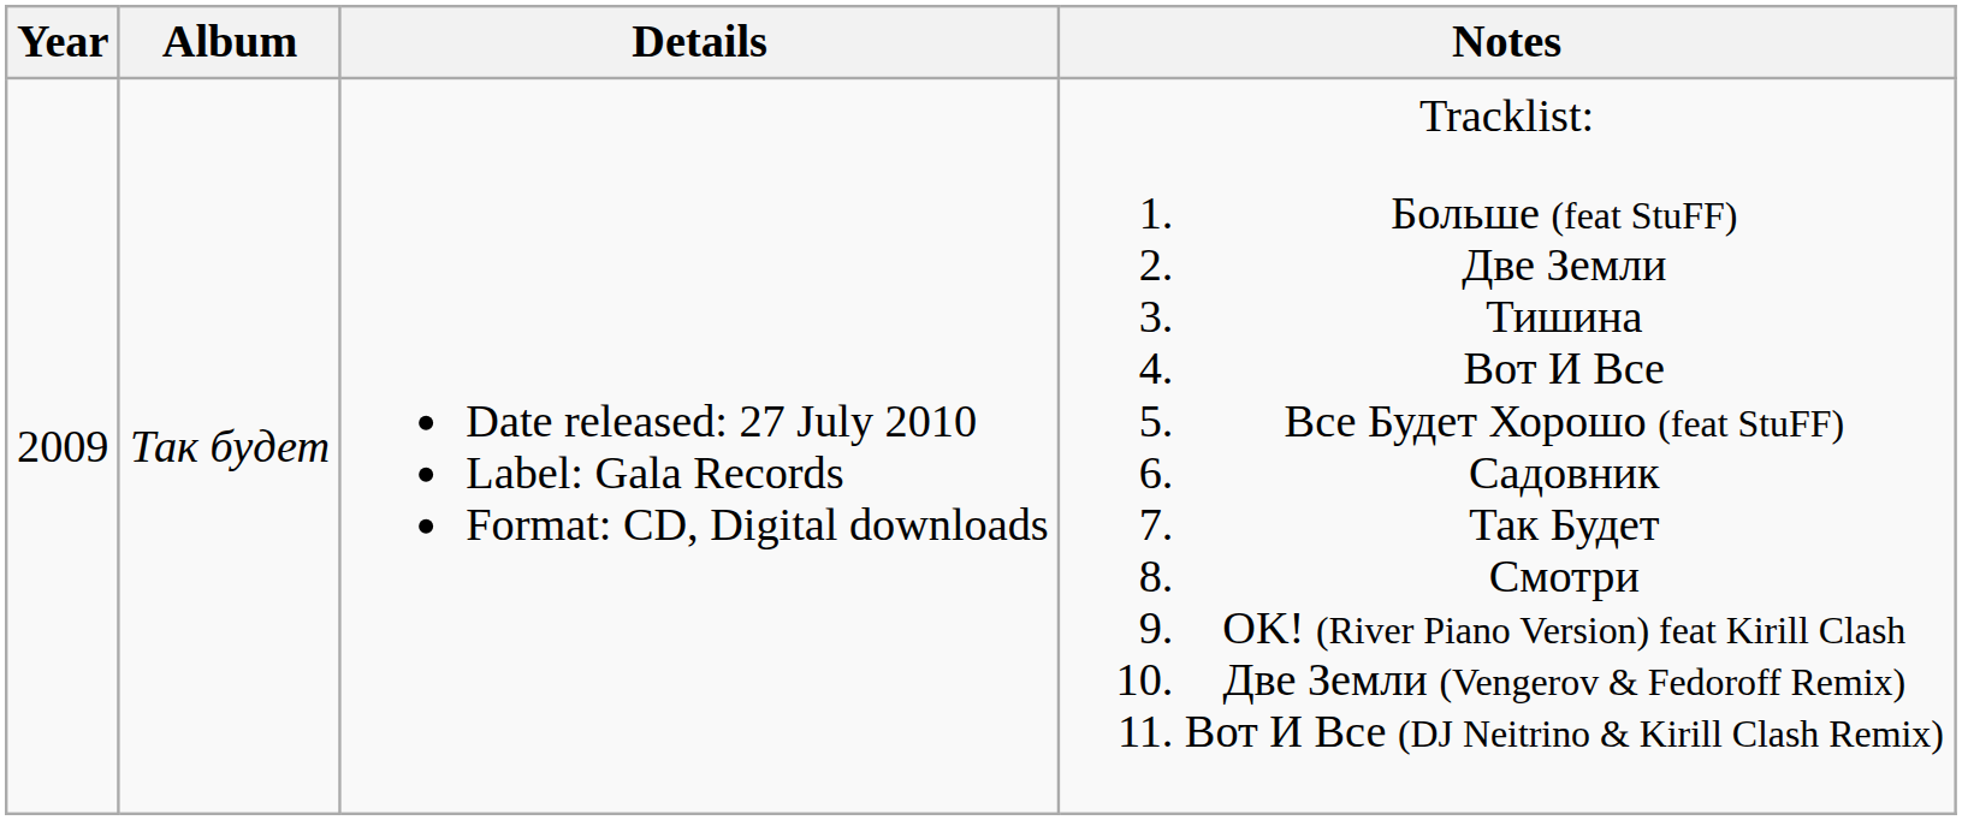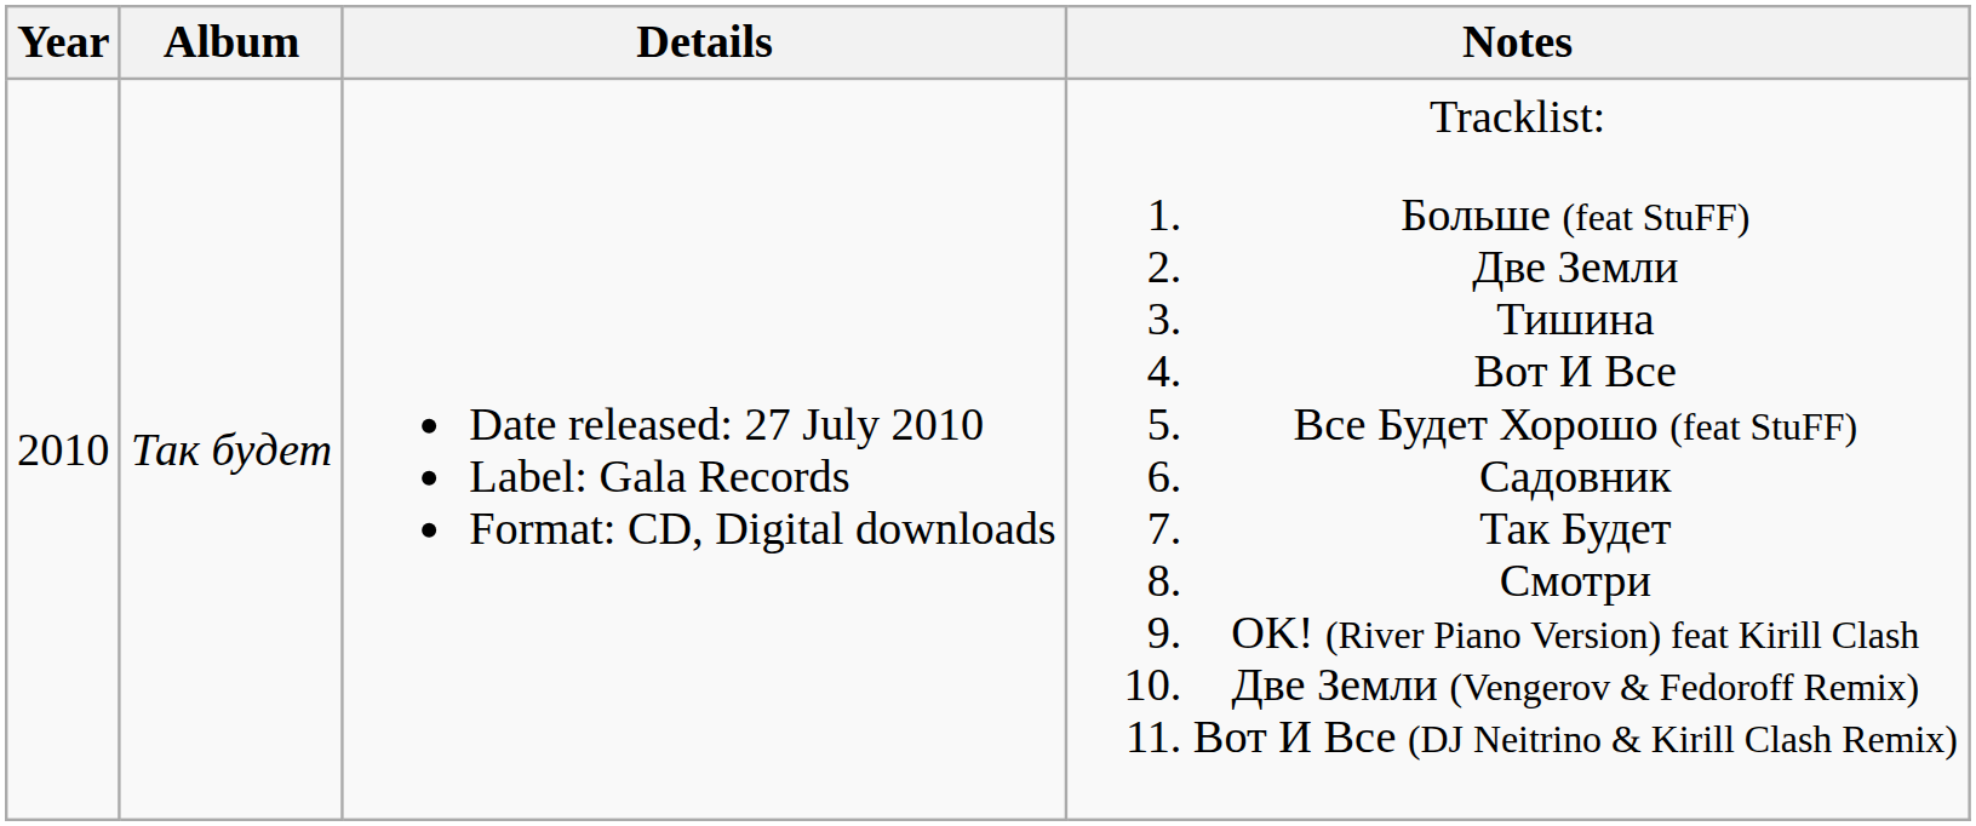 <table class=wikitable style=text-align:center;>
 <tr>
 <th>Year</th>
 <th>Album</th>
 <th>Details</th>
 <th>Notes</th>
 </tr>
 <tr>
-<td rowspan=1>2009</td>
+<td rowspan=1>2010</td>
 <td><em>Так будет</em></td>
 <td scope="row" align="left"><br><ul><li>Date released: 27 July 2010</li><li>Label: Gala Records</li><li>Format: CD, Digital downloads</li></ul></td>
 <td>Tracklist:<br><ol><li>Больше <small>(feat StuFF)</small></li><li>Две Земли</li><li>Тишина</li><li>Вот И Все</li><li>Все Будет Хорошо <small>(feat StuFF)</small></li><li>Садовник</li><li>Так Будет</li><li>Смотри</li><li>OK! <small>(River Piano Version) feat Kirill Clash</small></li><li>Две Земли <small>(Vengerov & Fedoroff Remix)</small></li><li>Вот И Все <small>(DJ Neitrino & Kirill Clash Remix)</small></li></ol></td>
 </tr>
 </table>
